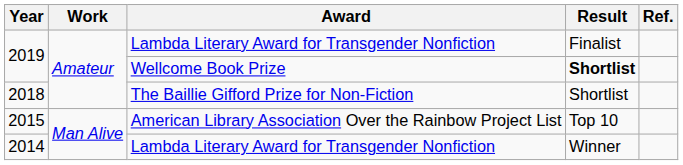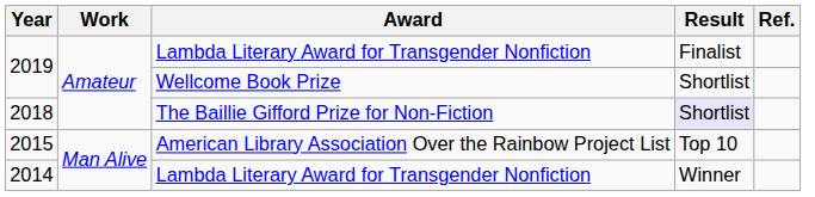 <table class="wikitable sortable">
 <tr>
 <th>Year</th>
 <th>Work</th>
 <th>Award</th>
 <th>Result</th>
 <th>Ref.</th>
 </tr>
 <tr>
 <td rowspan="2">2019</td>
 <td rowspan="3"><em><a href='#'>Amateur</a></em></td>
 <td><a href='#'>Lambda Literary Award for Transgender Nonfiction</a></td>
 <td>Finalist</td>
 <td></td>
 </tr>
 <tr>
 <td><a href='#'>Wellcome Book Prize</a></td>
-<td><strong>Shortlist</strong></td>
+<td>Shortlist</td>
 <td></td>
 </tr>
 <tr>
 <td>2018</td>
 <td><a href='#'>The Baillie Gifford Prize for Non-Fiction</a></td>
-<td>Shortlist</td>
+<td style="background: lavender;">Shortlist</td>
 <td></td>
 </tr>
 <tr>
 <td>2015</td>
 <td rowspan="2"><a href='#'><em>Man Alive</em></a></td>
 <td><a href='#'>American Library Association</a> Over the Rainbow Project List</td>
 <td>Top 10</td>
 <td></td>
 </tr>
 <tr>
 <td>2014</td>
 <td><a href='#'>Lambda Literary Award for Transgender Nonfiction</a></td>
 <td>Winner</td>
 <td></td>
 </tr>
 </table>
